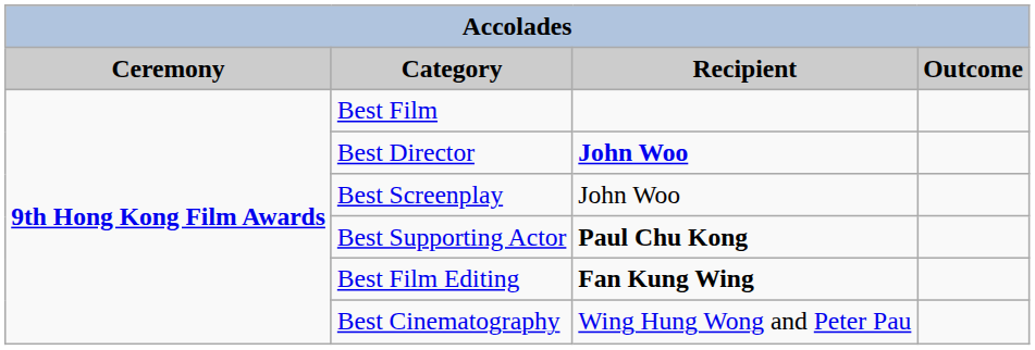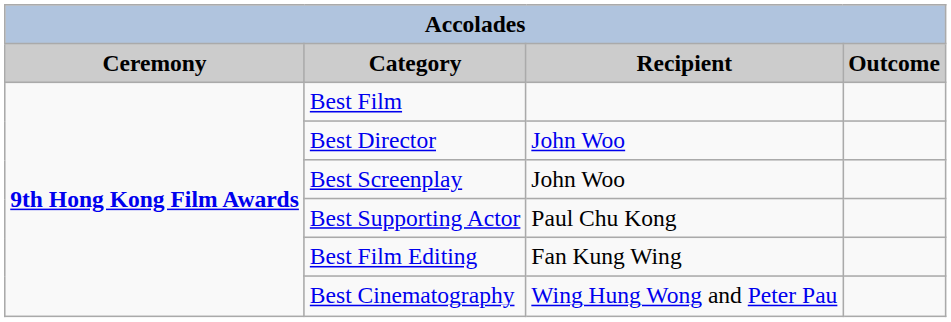 <table class="wikitable" style="font-size:95%;" ;>
 <tr style="background:#ccc; text-align:center;">
 <th colspan="4" style="background: LightSteelBlue;">Accolades</th>
 </tr>
 <tr style="background:#ccc; text-align:center;">
 <th style="background:#ccc">Ceremony</th>
 <th style="background:#ccc">Category</th>
 <th style="background:#ccc">Recipient</th>
 <th style="background:#ccc">Outcome</th>
 </tr>
 <tr>
 <td rowspan="6"><strong><a href='#'>9th Hong Kong Film Awards</a></strong></td>
 <td><a href='#'>Best Film</a></td>
 <td></td>
 <td></td>
 </tr>
 <tr>
 <td><a href='#'>Best Director</a></td>
-<td><strong><a href='#'>John Woo</a></strong></td>
+<td><a href='#'>John Woo</a></td>
 <td></td>
 </tr>
 <tr>
 <td><a href='#'>Best Screenplay</a></td>
 <td>John Woo</td>
 <td></td>
 </tr>
 <tr>
 <td><a href='#'>Best Supporting Actor</a></td>
-<td><strong>Paul Chu Kong</strong></td>
+<td>Paul Chu Kong</td>
 <td></td>
 </tr>
 <tr>
 <td><a href='#'>Best Film Editing</a></td>
-<td><strong>Fan Kung Wing</strong></td>
+<td>Fan Kung Wing</td>
 <td></td>
 </tr>
 <tr>
 <td><a href='#'>Best Cinematography</a></td>
 <td><a href='#'>Wing Hung Wong</a> and <a href='#'>Peter Pau</a></td>
 <td></td>
 </tr>
 </table>
